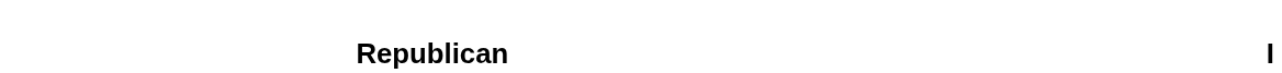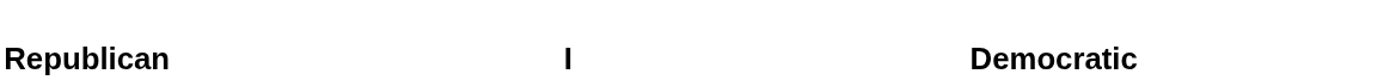 <table style="width:60%; text-align:center">
 <tr style="color:white">
 <td style="background:"><strong>221</strong></td>
 <td style="background:"><strong>2</strong></td>
+<td style="background:"><strong>212</strong></td>
 </tr>
 <tr>
 <td style="color:"><strong>Republican</strong></td>
 <td style="color:"><strong>I</strong></td>
+<td style="color:"><strong>Democratic</strong></td>
 </tr>
 </table>
